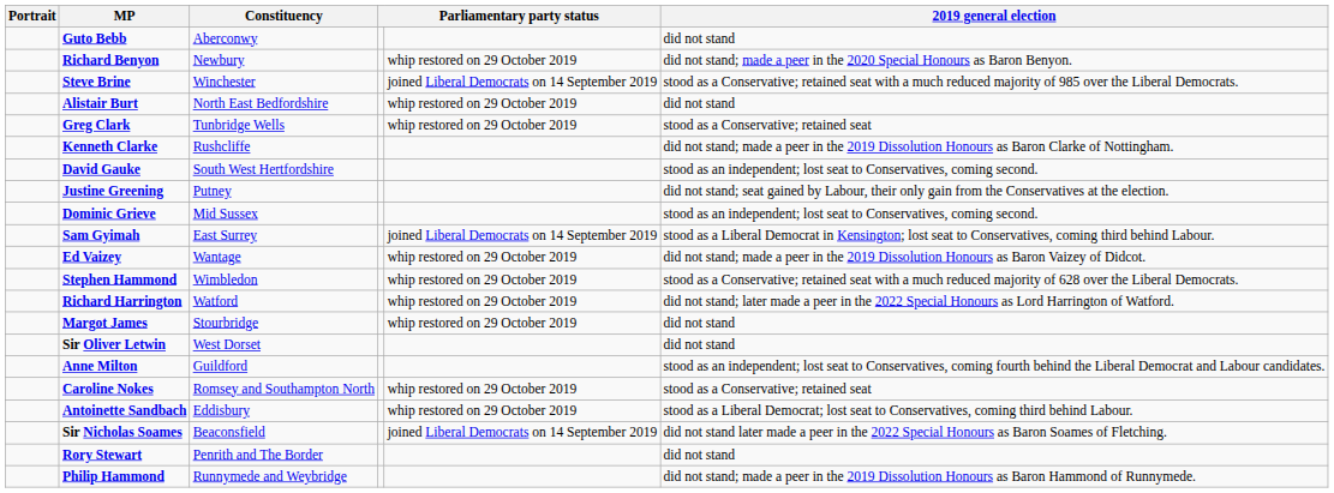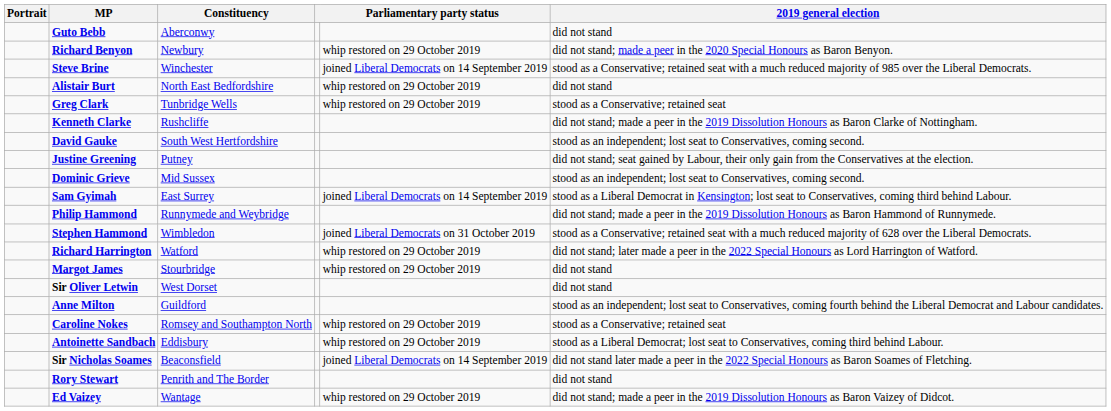 <table class="wikitable">
 <tr>
 <th>Portrait</th>
 <th>MP</th>
 <th>Constituency</th>
 <th colspan=2>Parliamentary party status</th>
 <th><a href='#'>2019 general election</a></th>
 </tr>
 <tr>
 <td></td>
 <td><strong><a href='#'>Guto Bebb</a></strong></td>
 <td><a href='#'>Aberconwy</a></td>
 <td style="background-color: "></td>
 <td></td>
 <td>did not stand</td>
 </tr>
 <tr>
 <td></td>
 <td><strong><a href='#'>Richard Benyon</a></strong></td>
 <td><a href='#'>Newbury</a></td>
 <td style="background-color: "></td>
 <td>whip restored on 29 October 2019</td>
 <td>did not stand; <a href='#'>made a peer</a> in the <a href='#'>2020 Special Honours</a> as Baron Benyon.</td>
 </tr>
 <tr>
 <td></td>
 <td><strong><a href='#'>Steve Brine</a></strong></td>
 <td><a href='#'>Winchester</a></td>
 <td style="background-color: "></td>
 <td>joined <a href='#'>Liberal Democrats</a> on 14 September 2019</td>
 <td>stood as a Conservative; retained seat with a much reduced majority of 985 over the Liberal Democrats.</td>
 </tr>
 <tr>
 <td></td>
 <td><strong><a href='#'>Alistair Burt</a></strong></td>
 <td><a href='#'>North East Bedfordshire</a></td>
 <td style="background-color: "></td>
 <td>whip restored on 29 October 2019</td>
 <td>did not stand</td>
 </tr>
 <tr>
 <td></td>
 <td><strong><a href='#'>Greg Clark</a></strong></td>
 <td><a href='#'>Tunbridge Wells</a></td>
 <td style="background-color: "></td>
 <td>whip restored on 29 October 2019</td>
 <td>stood as a Conservative; retained seat</td>
 </tr>
 <tr>
 <td></td>
 <td><strong><a href='#'>Kenneth Clarke</a></strong></td>
 <td><a href='#'>Rushcliffe</a></td>
 <td style="background-color: "></td>
 <td></td>
 <td>did not stand; made a peer in the <a href='#'>2019 Dissolution Honours</a> as Baron Clarke of Nottingham.</td>
 </tr>
 <tr>
 <td></td>
 <td><strong><a href='#'>David Gauke</a></strong></td>
 <td><a href='#'>South West Hertfordshire</a></td>
 <td style="background-color: "></td>
 <td></td>
 <td>stood as an independent; lost seat to Conservatives, coming second.</td>
 </tr>
 <tr>
 <td></td>
 <td><strong><a href='#'>Justine Greening</a></strong></td>
 <td><a href='#'>Putney</a></td>
 <td style="background-color: "></td>
 <td></td>
 <td>did not stand; seat gained by Labour, their only gain from the Conservatives at the election.</td>
 </tr>
 <tr>
 <td></td>
 <td><strong><a href='#'>Dominic Grieve</a></strong></td>
 <td><a href='#'>Mid Sussex</a></td>
 <td style="background-color: "></td>
 <td></td>
 <td>stood as an independent; lost seat to Conservatives, coming second.</td>
 </tr>
 <tr>
 <td></td>
 <td><strong><a href='#'>Sam Gyimah</a></strong></td>
 <td><a href='#'>East Surrey</a></td>
 <td style="background-color: "></td>
 <td>joined <a href='#'>Liberal Democrats</a> on 14 September 2019</td>
 <td>stood as a Liberal Democrat in <a href='#'>Kensington</a>; lost seat to Conservatives, coming third behind Labour.</td>
 </tr>
 <tr>
 <td></td>
-<td><strong><a href='#'>Ed Vaizey</a></strong></td>
-<td><a href='#'>Wantage</a></td>
+<td><strong><a href='#'>Philip Hammond</a></strong></td>
+<td><a href='#'>Runnymede and Weybridge</a></td>
 <td style="background-color: "></td>
-<td>whip restored on 29 October 2019</td>
-<td>did not stand; made a peer in the <a href='#'>2019 Dissolution Honours</a> as Baron Vaizey of Didcot.</td>
+<td></td>
+<td>did not stand; made a peer in the <a href='#'>2019 Dissolution Honours</a> as Baron Hammond of Runnymede.</td>
 </tr>
 <tr>
 <td></td>
 <td><strong><a href='#'>Stephen Hammond</a></strong></td>
 <td><a href='#'>Wimbledon</a></td>
 <td style="background-color: "></td>
-<td>whip restored on 29 October 2019</td>
+<td>joined <a href='#'>Liberal Democrats</a> on 31 October 2019</td>
 <td>stood as a Conservative; retained seat with a much reduced majority of 628 over the Liberal Democrats.</td>
 </tr>
 <tr>
 <td></td>
 <td><strong><a href='#'>Richard Harrington</a></strong></td>
 <td><a href='#'>Watford</a></td>
 <td style="background-color: "></td>
 <td>whip restored on 29 October 2019</td>
 <td>did not stand; later made a peer in the <a href='#'>2022 Special Honours</a> as Lord Harrington of Watford.</td>
 </tr>
 <tr>
 <td></td>
 <td><strong><a href='#'>Margot James</a></strong></td>
 <td><a href='#'>Stourbridge</a></td>
 <td style="background-color: "></td>
 <td>whip restored on 29 October 2019</td>
 <td>did not stand</td>
 </tr>
 <tr>
 <td></td>
 <td><strong>Sir <a href='#'>Oliver Letwin</a></strong></td>
 <td><a href='#'>West Dorset</a></td>
 <td style="background-color: "></td>
 <td></td>
 <td>did not stand</td>
 </tr>
 <tr>
 <td></td>
 <td><strong><a href='#'>Anne Milton</a></strong></td>
 <td><a href='#'>Guildford</a></td>
 <td style="background-color: "></td>
 <td></td>
 <td>stood as an independent; lost seat to Conservatives, coming fourth behind the Liberal Democrat and Labour candidates.</td>
 </tr>
 <tr>
 <td></td>
 <td><strong><a href='#'>Caroline Nokes</a></strong></td>
 <td><a href='#'>Romsey and Southampton North</a></td>
 <td style="background-color: "></td>
 <td>whip restored on 29 October 2019</td>
 <td>stood as a Conservative; retained seat </td>
 </tr>
 <tr>
 <td></td>
 <td><strong><a href='#'>Antoinette Sandbach</a></strong></td>
 <td><a href='#'>Eddisbury</a></td>
 <td style="background-color: "></td>
 <td>whip restored on 29 October 2019</td>
 <td>stood as a Liberal Democrat; lost seat to Conservatives, coming third behind Labour.</td>
 </tr>
 <tr>
 <td></td>
 <td><strong>Sir <a href='#'>Nicholas Soames</a></strong></td>
 <td><a href='#'>Beaconsfield</a></td>
 <td style="background-color: "></td>
 <td>joined <a href='#'>Liberal Democrats</a> on 14 September 2019</td>
 <td>did not stand later made a peer in the <a href='#'>2022 Special Honours</a> as Baron Soames of Fletching.</td>
 </tr>
 <tr>
 <td></td>
 <td><strong><a href='#'>Rory Stewart</a></strong></td>
 <td><a href='#'>Penrith and The Border</a></td>
 <td style="background-color: "></td>
 <td></td>
 <td>did not stand</td>
 </tr>
 <tr>
 <td></td>
-<td><strong><a href='#'>Philip Hammond</a></strong></td>
-<td><a href='#'>Runnymede and Weybridge</a></td>
+<td><strong><a href='#'>Ed Vaizey</a></strong></td>
+<td><a href='#'>Wantage</a></td>
 <td style="background-color: "></td>
-<td></td>
-<td>did not stand; made a peer in the <a href='#'>2019 Dissolution Honours</a> as Baron Hammond of Runnymede.</td>
+<td>whip restored on 29 October 2019</td>
+<td>did not stand; made a peer in the <a href='#'>2019 Dissolution Honours</a> as Baron Vaizey of Didcot.</td>
 </tr>
 </table>
